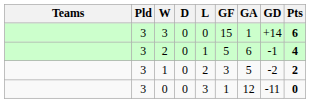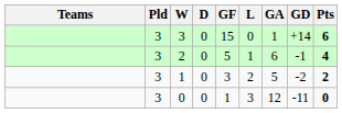 <table class="wikitable" style="text-align: center;">
 <tr>
 <th width=165>Teams</th>
 <th width=20>Pld</th>
 <th width=20>W</th>
 <th width=20>D</th>
+<th width=20>GF</th>
 <th width=20>L</th>
-<th width=20>GF</th>
 <th width=20>GA</th>
 <th width=20>GD</th>
 <th width=20>Pts</th>
 </tr>
 <tr align=center style="background:#ccffcc;">
 <td style="text-align:left;"></td>
 <td>3</td>
 <td>3</td>
 <td>0</td>
+<td>15</td>
 <td>0</td>
-<td>15</td>
 <td>1</td>
 <td>+14</td>
 <td><strong>6</strong></td>
 </tr>
 <tr align=center style="background:#ccffcc;">
 <td style="text-align:left;"></td>
 <td>3</td>
 <td>2</td>
 <td>0</td>
+<td>5</td>
 <td>1</td>
-<td>5</td>
 <td>6</td>
 <td>-1</td>
 <td><strong>4</strong></td>
 </tr>
 <tr align=center>
 <td style="text-align:left;"></td>
 <td>3</td>
 <td>1</td>
 <td>0</td>
+<td>3</td>
 <td>2</td>
-<td>3</td>
 <td>5</td>
 <td>-2</td>
 <td><strong>2</strong></td>
 </tr>
 <tr align=center>
 <td style="text-align:left;"></td>
 <td>3</td>
 <td>0</td>
 <td>0</td>
+<td>1</td>
 <td>3</td>
-<td>1</td>
 <td>12</td>
 <td>-11</td>
 <td><strong>0</strong></td>
 </tr>
 </table>
